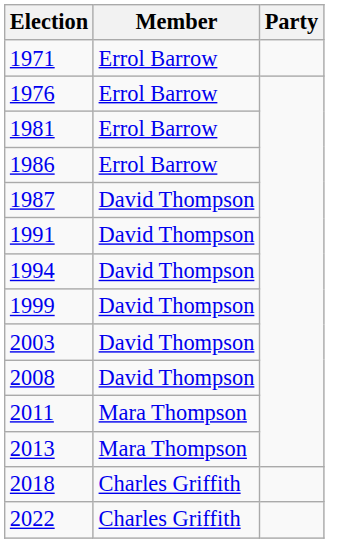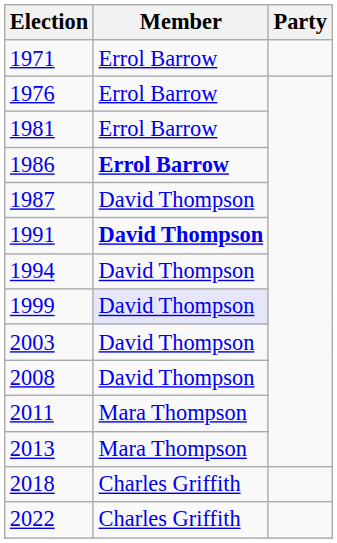 <table class="wikitable sortable">
 <tr>
 <th>Election</th>
 <th>Member</th>
 <th colspan="2">Party</th>
 </tr>
 <tr>
 <td><a href='#'>1971</a></td>
 <td><a href='#'>Errol Barrow</a></td>
 <td></td>
 </tr>
 <tr>
 <td><a href='#'>1976</a></td>
 <td><a href='#'>Errol Barrow</a></td>
 </tr>
 <tr>
 <td><a href='#'>1981</a></td>
 <td><a href='#'>Errol Barrow</a></td>
 </tr>
 <tr>
 <td><a href='#'>1986</a></td>
-<td><a href='#'>Errol Barrow</a></td>
+<td><strong><a href='#'>Errol Barrow</a></strong></td>
 </tr>
 <tr>
 <td><a href='#'>1987</a></td>
 <td><a href='#'>David Thompson</a></td>
 </tr>
 <tr>
 <td><a href='#'>1991</a></td>
-<td><a href='#'>David Thompson</a></td>
+<td><strong><a href='#'>David Thompson</a></strong></td>
 </tr>
 <tr>
 <td><a href='#'>1994</a></td>
 <td><a href='#'>David Thompson</a></td>
 </tr>
 <tr>
 <td><a href='#'>1999</a></td>
-<td><a href='#'>David Thompson</a></td>
+<td style="background: lavender;"><a href='#'>David Thompson</a></td>
 </tr>
 <tr>
 <td><a href='#'>2003</a></td>
 <td><a href='#'>David Thompson</a></td>
 </tr>
 <tr>
 <td><a href='#'>2008</a></td>
 <td><a href='#'>David Thompson</a></td>
 </tr>
 <tr>
 <td><a href='#'>2011</a></td>
 <td><a href='#'>Mara Thompson</a></td>
 </tr>
 <tr>
 <td><a href='#'>2013</a></td>
 <td><a href='#'>Mara Thompson</a></td>
 </tr>
 <tr>
 <td><a href='#'>2018</a></td>
 <td><a href='#'>Charles Griffith</a></td>
 <td></td>
 </tr>
 <tr>
 <td><a href='#'>2022</a></td>
 <td><a href='#'>Charles Griffith</a></td>
 </tr>
 </table>
